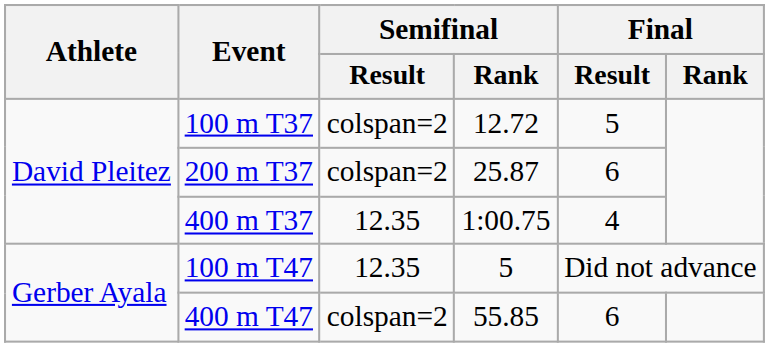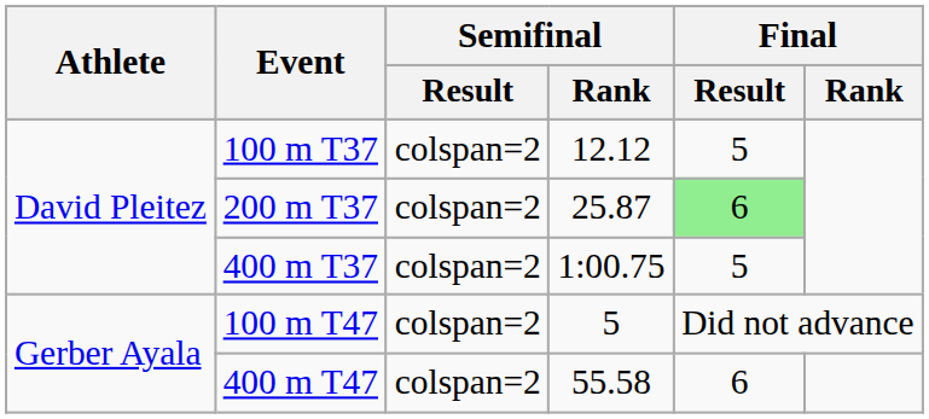 <table class="wikitable" style="font-size:90%">
 <tr>
 <th rowspan="2">Athlete</th>
 <th rowspan="2">Event</th>
 <th colspan="2">Semifinal</th>
 <th colspan="2">Final</th>
 </tr>
 <tr style="font-size:95%">
 <th>Result</th>
 <th>Rank</th>
 <th>Result</th>
 <th>Rank</th>
 </tr>
 <tr align=center>
 <td align=left rowspan=3><a href='#'>David Pleitez</a></td>
 <td align=left><a href='#'>100 m T37</a></td>
 <td>colspan=2 </td>
-<td>12.72</td>
+<td>12.12</td>
 <td>5</td>
 </tr>
 <tr align=center>
 <td align=left><a href='#'>200 m T37</a></td>
 <td>colspan=2 </td>
 <td>25.87</td>
-<td>6</td>
+<td style="background: lightgreen;">6</td>
 </tr>
 <tr align=center>
 <td align=left><a href='#'>400 m T37</a></td>
-<td>12.35</td>
+<td>colspan=2 </td>
 <td>1:00.75</td>
-<td>4</td>
+<td>5</td>
 </tr>
 <tr align=center>
 <td align=left rowspan=2><a href='#'>Gerber Ayala</a></td>
 <td align=left><a href='#'>100 m T47</a></td>
-<td>12.35</td>
+<td>colspan=2 </td>
 <td>5</td>
 <td colspan=2>Did not advance</td>
 </tr>
 <tr align=center>
 <td align=left><a href='#'>400 m T47</a></td>
 <td>colspan=2 </td>
-<td>55.85</td>
+<td>55.58</td>
 <td>6</td>
 </tr>
 </table>
